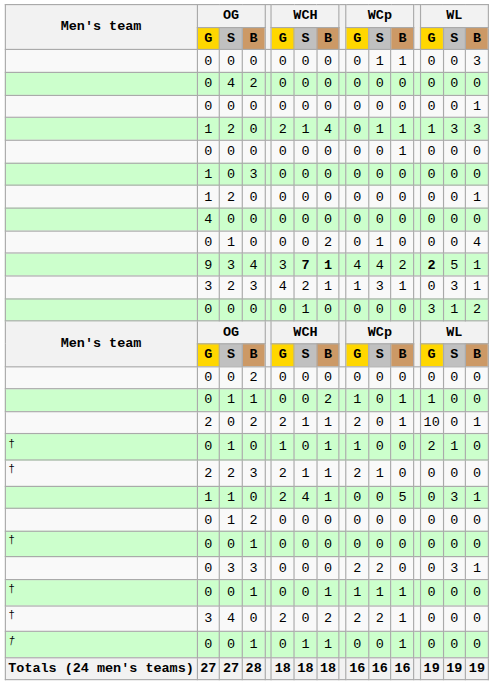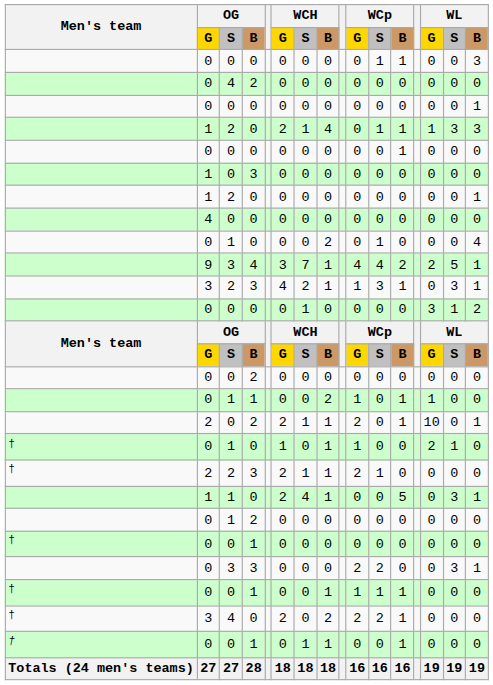 <table class="wikitable sortable" style="text-align: center; font-size: 90%; margin-left: 1em;">
 <tr>
 <th rowspan="2">Men's team</th>
 <th colspan="3">OG</th>
 <th rowspan="2" class="unsortable"></th>
 <th colspan="3">WCH</th>
 <th rowspan="2" class="unsortable"></th>
 <th colspan="3">WCp</th>
 <th rowspan="2" class="unsortable"></th>
 <th colspan="3">WL</th>
 </tr>
 <tr>
 <th style="background-color: gold;">G</th>
 <th style="background-color: silver;">S</th>
 <th style="background-color: #cc9966;">B</th>
 <th style="background-color: gold;">G</th>
 <th style="background-color: silver;">S</th>
 <th style="background-color: #cc9966;">B</th>
 <th style="background-color: gold;">G</th>
 <th style="background-color: silver;">S</th>
 <th style="background-color: #cc9966;">B</th>
 <th style="background-color: gold;">G</th>
 <th style="background-color: silver;">S</th>
 <th style="background-color: #cc9966;">B</th>
 </tr>
 <tr>
 <td style="text-align: left;"></td>
 <td>0</td>
 <td>0</td>
 <td>0</td>
 <td></td>
 <td>0</td>
 <td>0</td>
 <td>0</td>
 <td></td>
 <td>0</td>
 <td>1</td>
 <td>1</td>
 <td></td>
 <td>0</td>
 <td>0</td>
 <td>3</td>
 </tr>
 <tr style="background-color: #ccffcc;">
 <td style="text-align: left;"></td>
 <td>0</td>
 <td>4</td>
 <td>2</td>
 <td></td>
 <td>0</td>
 <td>0</td>
 <td>0</td>
 <td></td>
 <td>0</td>
 <td>0</td>
 <td>0</td>
 <td></td>
 <td>0</td>
 <td>0</td>
 <td>0</td>
 </tr>
 <tr>
 <td style="text-align: left;"></td>
 <td>0</td>
 <td>0</td>
 <td>0</td>
 <td></td>
 <td>0</td>
 <td>0</td>
 <td>0</td>
 <td></td>
 <td>0</td>
 <td>0</td>
 <td>0</td>
 <td></td>
 <td>0</td>
 <td>0</td>
 <td>1</td>
 </tr>
 <tr style="background-color: #ccffcc;">
 <td style="text-align: left;"></td>
 <td>1</td>
 <td>2</td>
 <td>0</td>
 <td></td>
 <td>2</td>
 <td>1</td>
 <td>4</td>
 <td></td>
 <td>0</td>
 <td>1</td>
 <td>1</td>
 <td></td>
 <td>1</td>
 <td>3</td>
 <td>3</td>
 </tr>
 <tr>
 <td style="text-align: left;"></td>
 <td>0</td>
 <td>0</td>
 <td>0</td>
 <td></td>
 <td>0</td>
 <td>0</td>
 <td>0</td>
 <td></td>
 <td>0</td>
 <td>0</td>
 <td>1</td>
 <td></td>
 <td>0</td>
 <td>0</td>
 <td>0</td>
 </tr>
 <tr style="background-color: #ccffcc;">
 <td style="text-align: left;"></td>
 <td>1</td>
 <td>0</td>
 <td>3</td>
 <td></td>
 <td>0</td>
 <td>0</td>
 <td>0</td>
 <td></td>
 <td>0</td>
 <td>0</td>
 <td>0</td>
 <td></td>
 <td>0</td>
 <td>0</td>
 <td>0</td>
 </tr>
 <tr>
 <td style="text-align: left;"></td>
 <td>1</td>
 <td>2</td>
 <td>0</td>
 <td></td>
 <td>0</td>
 <td>0</td>
 <td>0</td>
 <td></td>
 <td>0</td>
 <td>0</td>
 <td>0</td>
 <td></td>
 <td>0</td>
 <td>0</td>
 <td>1</td>
 </tr>
 <tr style="background-color: #ccffcc;">
 <td style="text-align: left;"></td>
 <td>4</td>
 <td>0</td>
 <td>0</td>
 <td></td>
 <td>0</td>
 <td>0</td>
 <td>0</td>
 <td></td>
 <td>0</td>
 <td>0</td>
 <td>0</td>
 <td></td>
 <td>0</td>
 <td>0</td>
 <td>0</td>
 </tr>
 <tr>
 <td style="text-align: left;"></td>
 <td>0</td>
 <td>1</td>
 <td>0</td>
 <td></td>
 <td>0</td>
 <td>0</td>
 <td>2</td>
 <td></td>
 <td>0</td>
 <td>1</td>
 <td>0</td>
 <td></td>
 <td>0</td>
 <td>0</td>
 <td>4</td>
 </tr>
 <tr style="background-color: #ccffcc;">
 <td style="text-align: left;"></td>
 <td>9</td>
 <td>3</td>
 <td>4</td>
 <td></td>
 <td>3</td>
-<td><strong>7</strong></td>
-<td><strong>1</strong></td>
+<td>7</td>
+<td>1</td>
 <td></td>
 <td>4</td>
 <td>4</td>
 <td>2</td>
 <td></td>
-<td><strong>2</strong></td>
+<td>2</td>
 <td>5</td>
 <td>1</td>
 </tr>
 <tr>
 <td style="text-align: left;"></td>
 <td>3</td>
 <td>2</td>
 <td>3</td>
 <td></td>
 <td>4</td>
 <td>2</td>
 <td>1</td>
 <td></td>
 <td>1</td>
 <td>3</td>
 <td>1</td>
 <td></td>
 <td>0</td>
 <td>3</td>
 <td>1</td>
 </tr>
 <tr style="background-color: #ccffcc;">
 <td style="text-align: left;"></td>
 <td>0</td>
 <td>0</td>
 <td>0</td>
 <td></td>
 <td>0</td>
 <td>1</td>
 <td>0</td>
 <td></td>
 <td>0</td>
 <td>0</td>
 <td>0</td>
 <td></td>
 <td>3</td>
 <td>1</td>
 <td>2</td>
 </tr>
 <tr>
 <th rowspan="2" data-sort-value="N">Men's team</th>
 <th colspan="3">OG</th>
 <th rowspan="2"></th>
 <th colspan="3">WCH</th>
 <th rowspan="2"></th>
 <th colspan="3">WCp</th>
 <th rowspan="2"></th>
 <th colspan="3">WL</th>
 </tr>
 <tr>
 <th style="background-color: gold;">G</th>
 <th style="background-color: silver;">S</th>
 <th style="background-color: #cc9966;">B</th>
 <th style="background-color: gold;">G</th>
 <th style="background-color: silver;">S</th>
 <th style="background-color: #cc9966;">B</th>
 <th style="background-color: gold;">G</th>
 <th style="background-color: silver;">S</th>
 <th style="background-color: #cc9966;">B</th>
 <th style="background-color: gold;">G</th>
 <th style="background-color: silver;">S</th>
 <th style="background-color: #cc9966;">B</th>
 </tr>
 <tr>
 <td style="text-align: left;"></td>
 <td>0</td>
 <td>0</td>
 <td>2</td>
 <td></td>
 <td>0</td>
 <td>0</td>
 <td>0</td>
 <td></td>
 <td>0</td>
 <td>0</td>
 <td>0</td>
 <td></td>
 <td>0</td>
 <td>0</td>
 <td>0</td>
 </tr>
 <tr style="background-color: #ccffcc;">
 <td style="text-align: left;"></td>
 <td>0</td>
 <td>1</td>
 <td>1</td>
 <td></td>
 <td>0</td>
 <td>0</td>
 <td>2</td>
 <td></td>
 <td>1</td>
 <td>0</td>
 <td>1</td>
 <td></td>
 <td>1</td>
 <td>0</td>
 <td>0</td>
 </tr>
 <tr>
 <td style="text-align: left;"></td>
 <td>2</td>
 <td>0</td>
 <td>2</td>
 <td></td>
 <td>2</td>
 <td>1</td>
 <td>1</td>
 <td></td>
 <td>2</td>
 <td>0</td>
 <td>1</td>
 <td></td>
 <td>10</td>
 <td>0</td>
 <td>1</td>
 </tr>
 <tr style="background-color: #ccffcc;">
 <td style="text-align: left;"><em></em><sup>†</sup></td>
 <td>0</td>
 <td>1</td>
 <td>0</td>
 <td></td>
 <td>1</td>
 <td>0</td>
 <td>1</td>
 <td></td>
 <td>1</td>
 <td>0</td>
 <td>0</td>
 <td></td>
 <td>2</td>
 <td>1</td>
 <td>0</td>
 </tr>
 <tr>
 <td style="text-align: left;"><em></em><sup>†</sup></td>
 <td>2</td>
 <td>2</td>
 <td>3</td>
 <td></td>
 <td>2</td>
 <td>1</td>
 <td>1</td>
 <td></td>
 <td>2</td>
 <td>1</td>
 <td>0</td>
 <td></td>
 <td>0</td>
 <td>0</td>
 <td>0</td>
 </tr>
 <tr style="background-color: #ccffcc;">
 <td style="text-align: left;"></td>
 <td>1</td>
 <td>1</td>
 <td>0</td>
 <td></td>
 <td>2</td>
 <td>4</td>
 <td>1</td>
 <td></td>
 <td>0</td>
 <td>0</td>
 <td>5</td>
 <td></td>
 <td>0</td>
 <td>3</td>
 <td>1</td>
 </tr>
 <tr>
 <td style="text-align: left;"></td>
 <td>0</td>
 <td>1</td>
 <td>2</td>
 <td></td>
 <td>0</td>
 <td>0</td>
 <td>0</td>
 <td></td>
 <td>0</td>
 <td>0</td>
 <td>0</td>
 <td></td>
 <td>0</td>
 <td>0</td>
 <td>0</td>
 </tr>
 <tr style="background-color: #ccffcc;">
 <td style="text-align: left;"><em></em><sup>†</sup></td>
 <td>0</td>
 <td>0</td>
 <td>1</td>
 <td></td>
 <td>0</td>
 <td>0</td>
 <td>0</td>
 <td></td>
 <td>0</td>
 <td>0</td>
 <td>0</td>
 <td></td>
 <td>0</td>
 <td>0</td>
 <td>0</td>
 </tr>
 <tr>
 <td style="text-align: left;"></td>
 <td>0</td>
 <td>3</td>
 <td>3</td>
 <td></td>
 <td>0</td>
 <td>0</td>
 <td>0</td>
 <td></td>
 <td>2</td>
 <td>2</td>
 <td>0</td>
 <td></td>
 <td>0</td>
 <td>3</td>
 <td>1</td>
 </tr>
 <tr style="background-color: #ccffcc;">
 <td style="text-align: left;"><em></em><sup>†</sup></td>
 <td>0</td>
 <td>0</td>
 <td>1</td>
 <td></td>
 <td>0</td>
 <td>0</td>
 <td>1</td>
 <td></td>
 <td>1</td>
 <td>1</td>
 <td>1</td>
 <td></td>
 <td>0</td>
 <td>0</td>
 <td>0</td>
 </tr>
 <tr>
 <td style="text-align: left;"><em></em><sup>†</sup></td>
 <td>3</td>
 <td>4</td>
 <td>0</td>
 <td></td>
 <td>2</td>
 <td>0</td>
 <td>2</td>
 <td></td>
 <td>2</td>
 <td>2</td>
 <td>1</td>
 <td></td>
 <td>0</td>
 <td>0</td>
 <td>0</td>
 </tr>
 <tr style="background-color: #ccffcc;">
 <td style="text-align: left;" data-sort-value="Yugoslavia, FR"><em><sup>†</sup></em></td>
 <td>0</td>
 <td>0</td>
 <td>1</td>
 <td></td>
 <td>0</td>
 <td>1</td>
 <td>1</td>
 <td></td>
 <td>0</td>
 <td>0</td>
 <td>1</td>
 <td></td>
 <td>0</td>
 <td>0</td>
 <td>0</td>
 </tr>
 <tr>
 <th>Totals (24 men's teams)</th>
 <th>27</th>
 <th>27</th>
 <th>28</th>
 <th></th>
 <th>18</th>
 <th>18</th>
 <th>18</th>
 <th></th>
 <th>16</th>
 <th>16</th>
 <th>16</th>
 <th></th>
 <th>19</th>
 <th>19</th>
 <th>19</th>
 </tr>
 </table>
